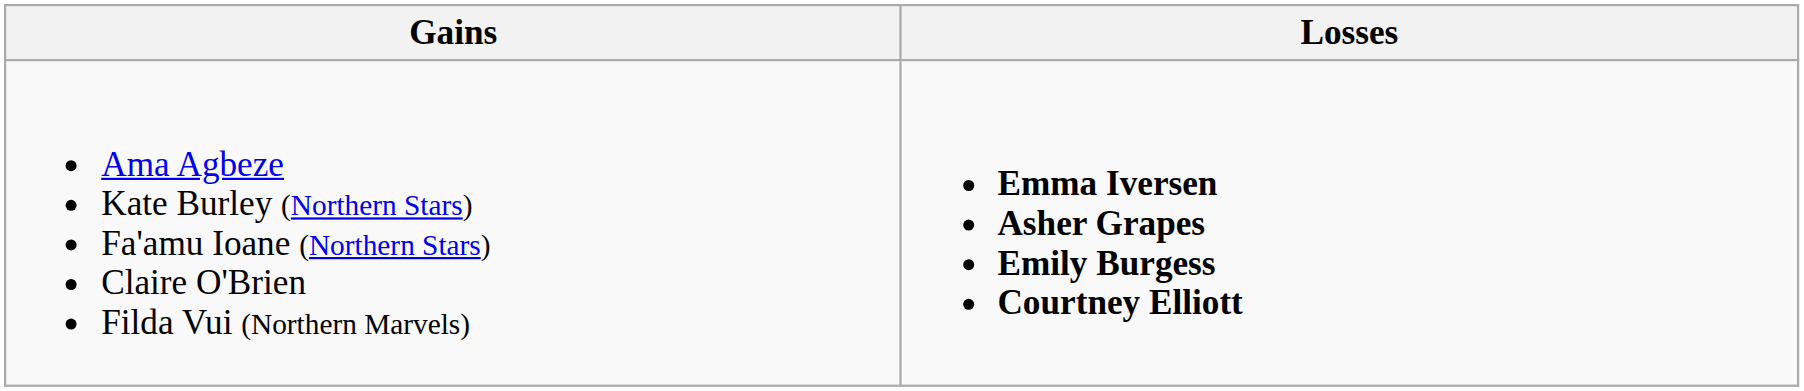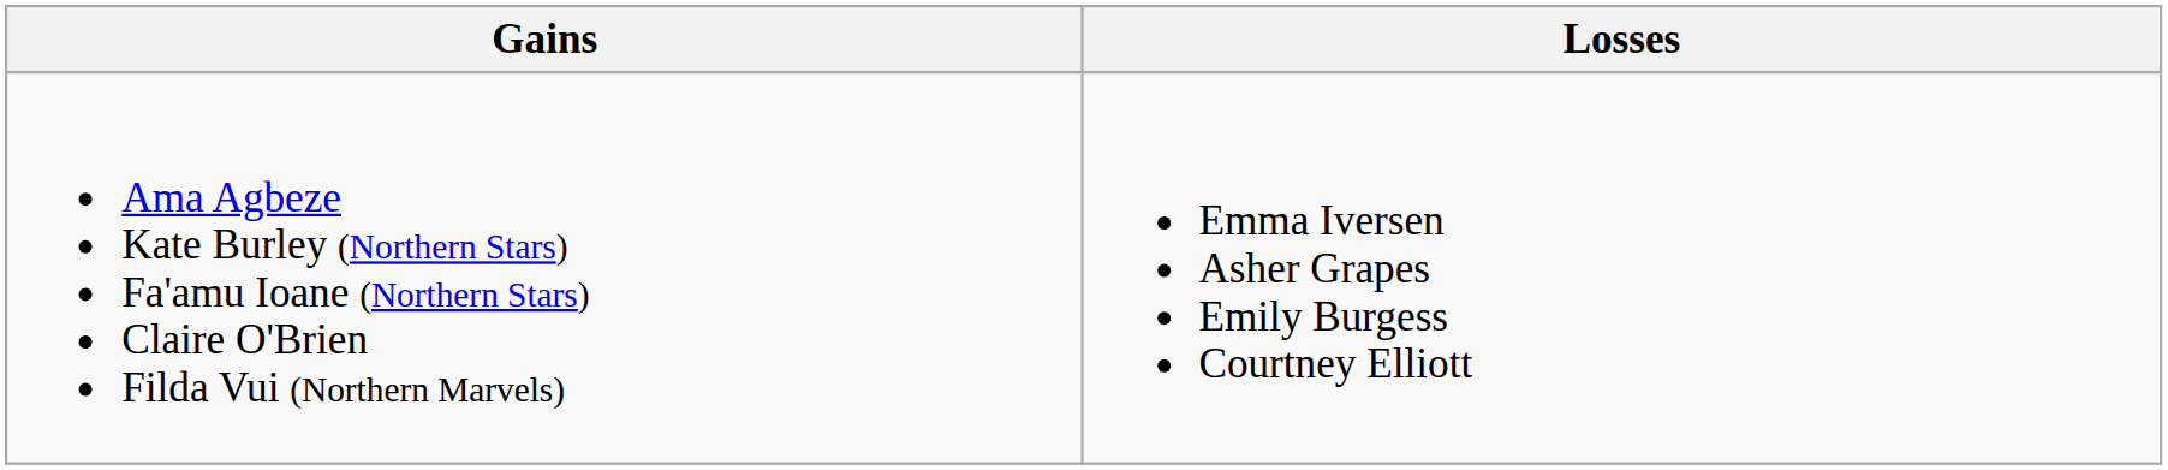 <table class=wikitable>
 <tr>
 <th width=400> Gains</th>
 <th width=400> Losses</th>
 </tr>
 <tr>
 <td><br><ul><li><a href='#'>Ama Agbeze</a></li><li>Kate Burley <small>(<a href='#'>Northern Stars</a>)</small></li><li>Fa'amu Ioane <small>(<a href='#'>Northern Stars</a>)</small></li><li>Claire O'Brien</li><li>Filda Vui <small>(Northern Marvels)</small></li></ul></td>
-<td><strong><br><ul><li>Emma Iversen</li><li>Asher Grapes</li><li>Emily Burgess</li><li>Courtney Elliott</li></ul></strong></td>
+<td><br><ul><li>Emma Iversen</li><li>Asher Grapes</li><li>Emily Burgess</li><li>Courtney Elliott</li></ul></td>
 </tr>
 </table>
